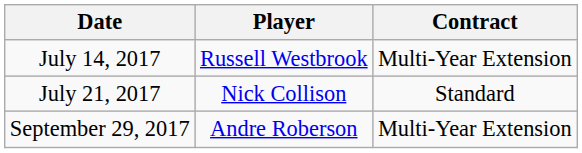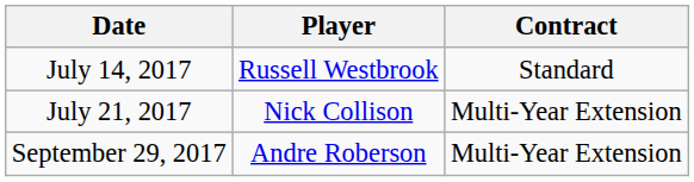 <table class="wikitable" style="text-align: center">
 <tr>
 <th>Date</th>
 <th>Player</th>
 <th>Contract</th>
 </tr>
 <tr style="text-align: center">
 <td>July 14, 2017</td>
 <td><a href='#'>Russell Westbrook</a></td>
-<td>Multi-Year Extension</td>
+<td>Standard</td>
 </tr>
 <tr style="text-align: center">
 <td>July 21, 2017</td>
 <td><a href='#'>Nick Collison</a></td>
-<td>Standard</td>
+<td>Multi-Year Extension</td>
 </tr>
 <tr style="text-align: center">
 <td>September 29, 2017</td>
 <td><a href='#'>Andre Roberson</a></td>
 <td>Multi-Year Extension</td>
 </tr>
 </table>
